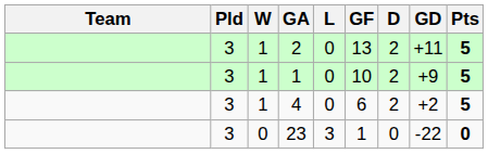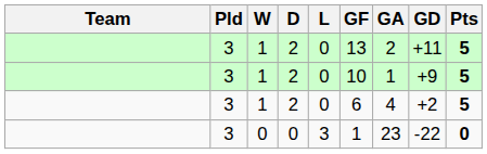 <table class="wikitable" style="text-align: center;">
 <tr>
 <th width=175>Team</th>
 <th width=20>Pld</th>
 <th width=20>W</th>
-<th width=20>GA</th>
+<th width=20>D</th>
 <th width=20>L</th>
 <th width=20>GF</th>
-<th width=20>D</th>
+<th width=20>GA</th>
 <th width=20>GD</th>
 <th width=20>Pts</th>
 </tr>
 <tr bgcolor=ccffcc>
 <td align=left></td>
 <td>3</td>
 <td>1</td>
 <td>2</td>
 <td>0</td>
 <td>13</td>
 <td>2</td>
 <td>+11</td>
 <td><strong>5</strong></td>
 </tr>
 <tr bgcolor=ccffcc>
 <td align=left></td>
 <td>3</td>
 <td>1</td>
-<td>1</td>
+<td>2</td>
 <td>0</td>
 <td>10</td>
-<td>2</td>
+<td>1</td>
 <td>+9</td>
 <td><strong>5</strong></td>
 </tr>
 <tr>
 <td align=left></td>
 <td>3</td>
 <td>1</td>
-<td>4</td>
+<td>2</td>
 <td>0</td>
 <td>6</td>
-<td>2</td>
+<td>4</td>
 <td>+2</td>
 <td><strong>5</strong></td>
 </tr>
 <tr>
 <td align=left></td>
 <td>3</td>
 <td>0</td>
-<td>23</td>
+<td>0</td>
 <td>3</td>
 <td>1</td>
-<td>0</td>
+<td>23</td>
 <td>-22</td>
 <td><strong>0</strong></td>
 </tr>
 </table>
